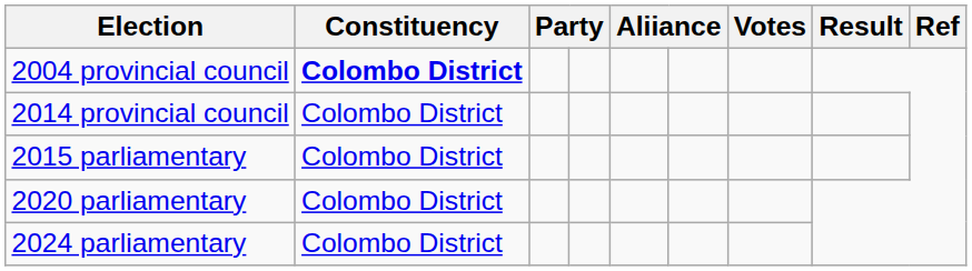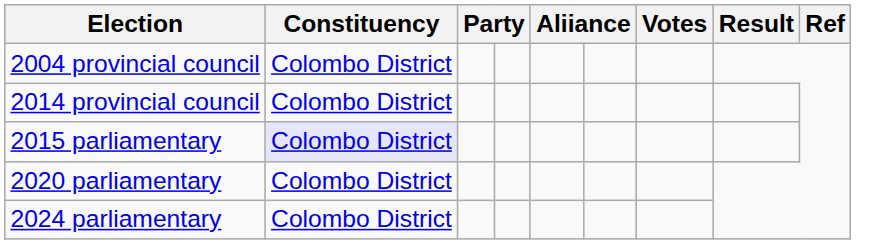 <table class="wikitable" style="text-align:left;">
 <tr>
 <th scope=col>Election</th>
 <th scope=col>Constituency</th>
 <th scope=col colspan="2">Party</th>
 <th scope=col colspan="2">Aliiance</th>
 <th scope=col>Votes</th>
 <th scope=col>Result</th>
 <th scope=col>Ref</th>
 </tr>
 <tr>
 <td><a href='#'>2004 provincial council</a></td>
-<td><strong><a href='#'>Colombo District</a></strong></td>
+<td><a href='#'>Colombo District</a></td>
 <td></td>
 <td></td>
 <td align=right></td>
 <td></td>
 <td></td>
 </tr>
 <tr>
 <td><a href='#'>2014 provincial council</a></td>
 <td><a href='#'>Colombo District</a></td>
 <td></td>
 <td></td>
 <td></td>
 <td align=right></td>
 <td></td>
 <td></td>
 </tr>
 <tr>
 <td><a href='#'>2015 parliamentary</a></td>
-<td><a href='#'>Colombo District</a></td>
+<td style="background: lavender;"><a href='#'>Colombo District</a></td>
 <td></td>
 <td></td>
 <td></td>
 <td align=right></td>
 <td></td>
 <td></td>
 </tr>
 <tr>
 <td><a href='#'>2020 parliamentary</a></td>
 <td><a href='#'>Colombo District</a></td>
 <td></td>
 <td></td>
 <td align=right></td>
 <td></td>
 <td></td>
 </tr>
 <tr>
 <td><a href='#'>2024 parliamentary</a></td>
 <td><a href='#'>Colombo District</a></td>
 <td></td>
 <td></td>
 <td align=right></td>
 <td></td>
 <td></td>
 </tr>
 </table>
